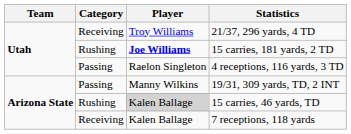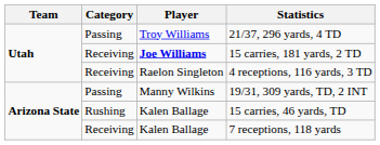 <table class="wikitable" style="float: right;">
 <tr>
 <th>Team</th>
 <th>Category</th>
 <th>Player</th>
 <th>Statistics</th>
 </tr>
 <tr>
 <td rowspan=3><strong>Utah</strong></td>
-<td>Receiving</td>
+<td>Passing</td>
 <td><a href='#'>Troy Williams</a></td>
 <td>21/37, 296 yards, 4 TD</td>
 </tr>
 <tr>
-<td>Rushing</td>
+<td>Receiving</td>
 <td><strong><a href='#'>Joe Williams</a></strong></td>
 <td>15 carries, 181 yards, 2 TD</td>
 </tr>
 <tr>
-<td>Passing</td>
+<td>Receiving</td>
 <td>Raelon Singleton</td>
 <td>4 receptions, 116 yards, 3 TD</td>
 </tr>
 <tr>
 <td rowspan=3><strong>Arizona State</strong></td>
 <td>Passing</td>
 <td>Manny Wilkins</td>
 <td>19/31, 309 yards, TD, 2 INT</td>
 </tr>
 <tr>
 <td>Rushing</td>
-<td style="background: lightgrey;">Kalen Ballage</td>
+<td>Kalen Ballage</td>
 <td>15 carries, 46 yards, TD</td>
 </tr>
 <tr>
 <td>Receiving</td>
 <td>Kalen Ballage</td>
 <td>7 receptions, 118 yards</td>
 </tr>
 </table>
